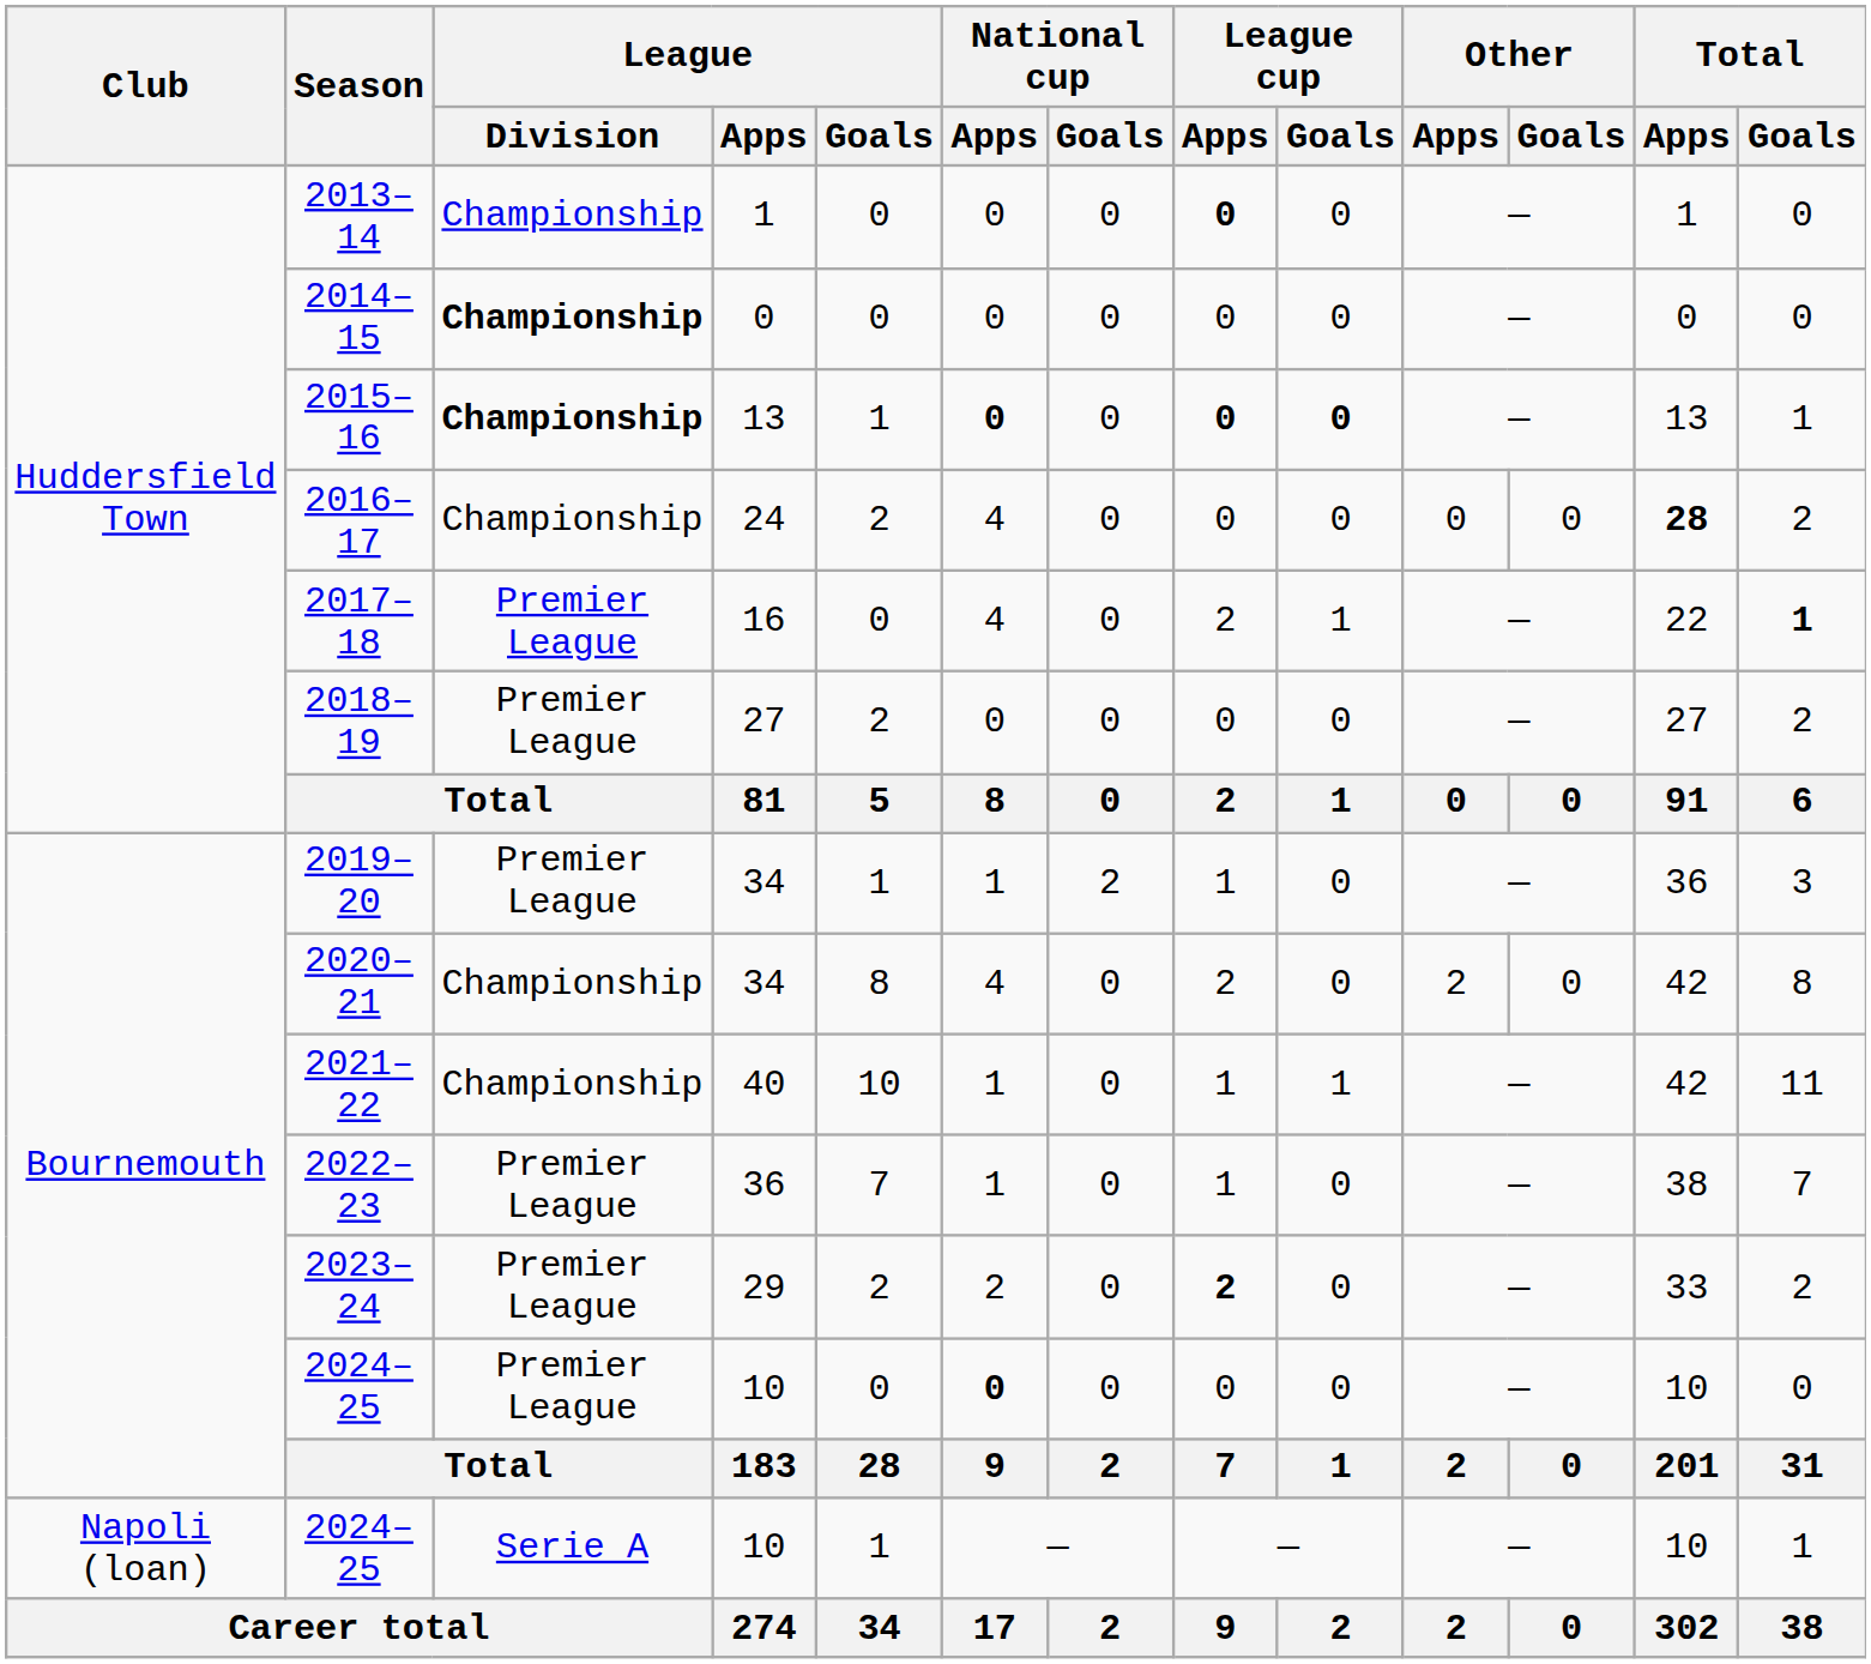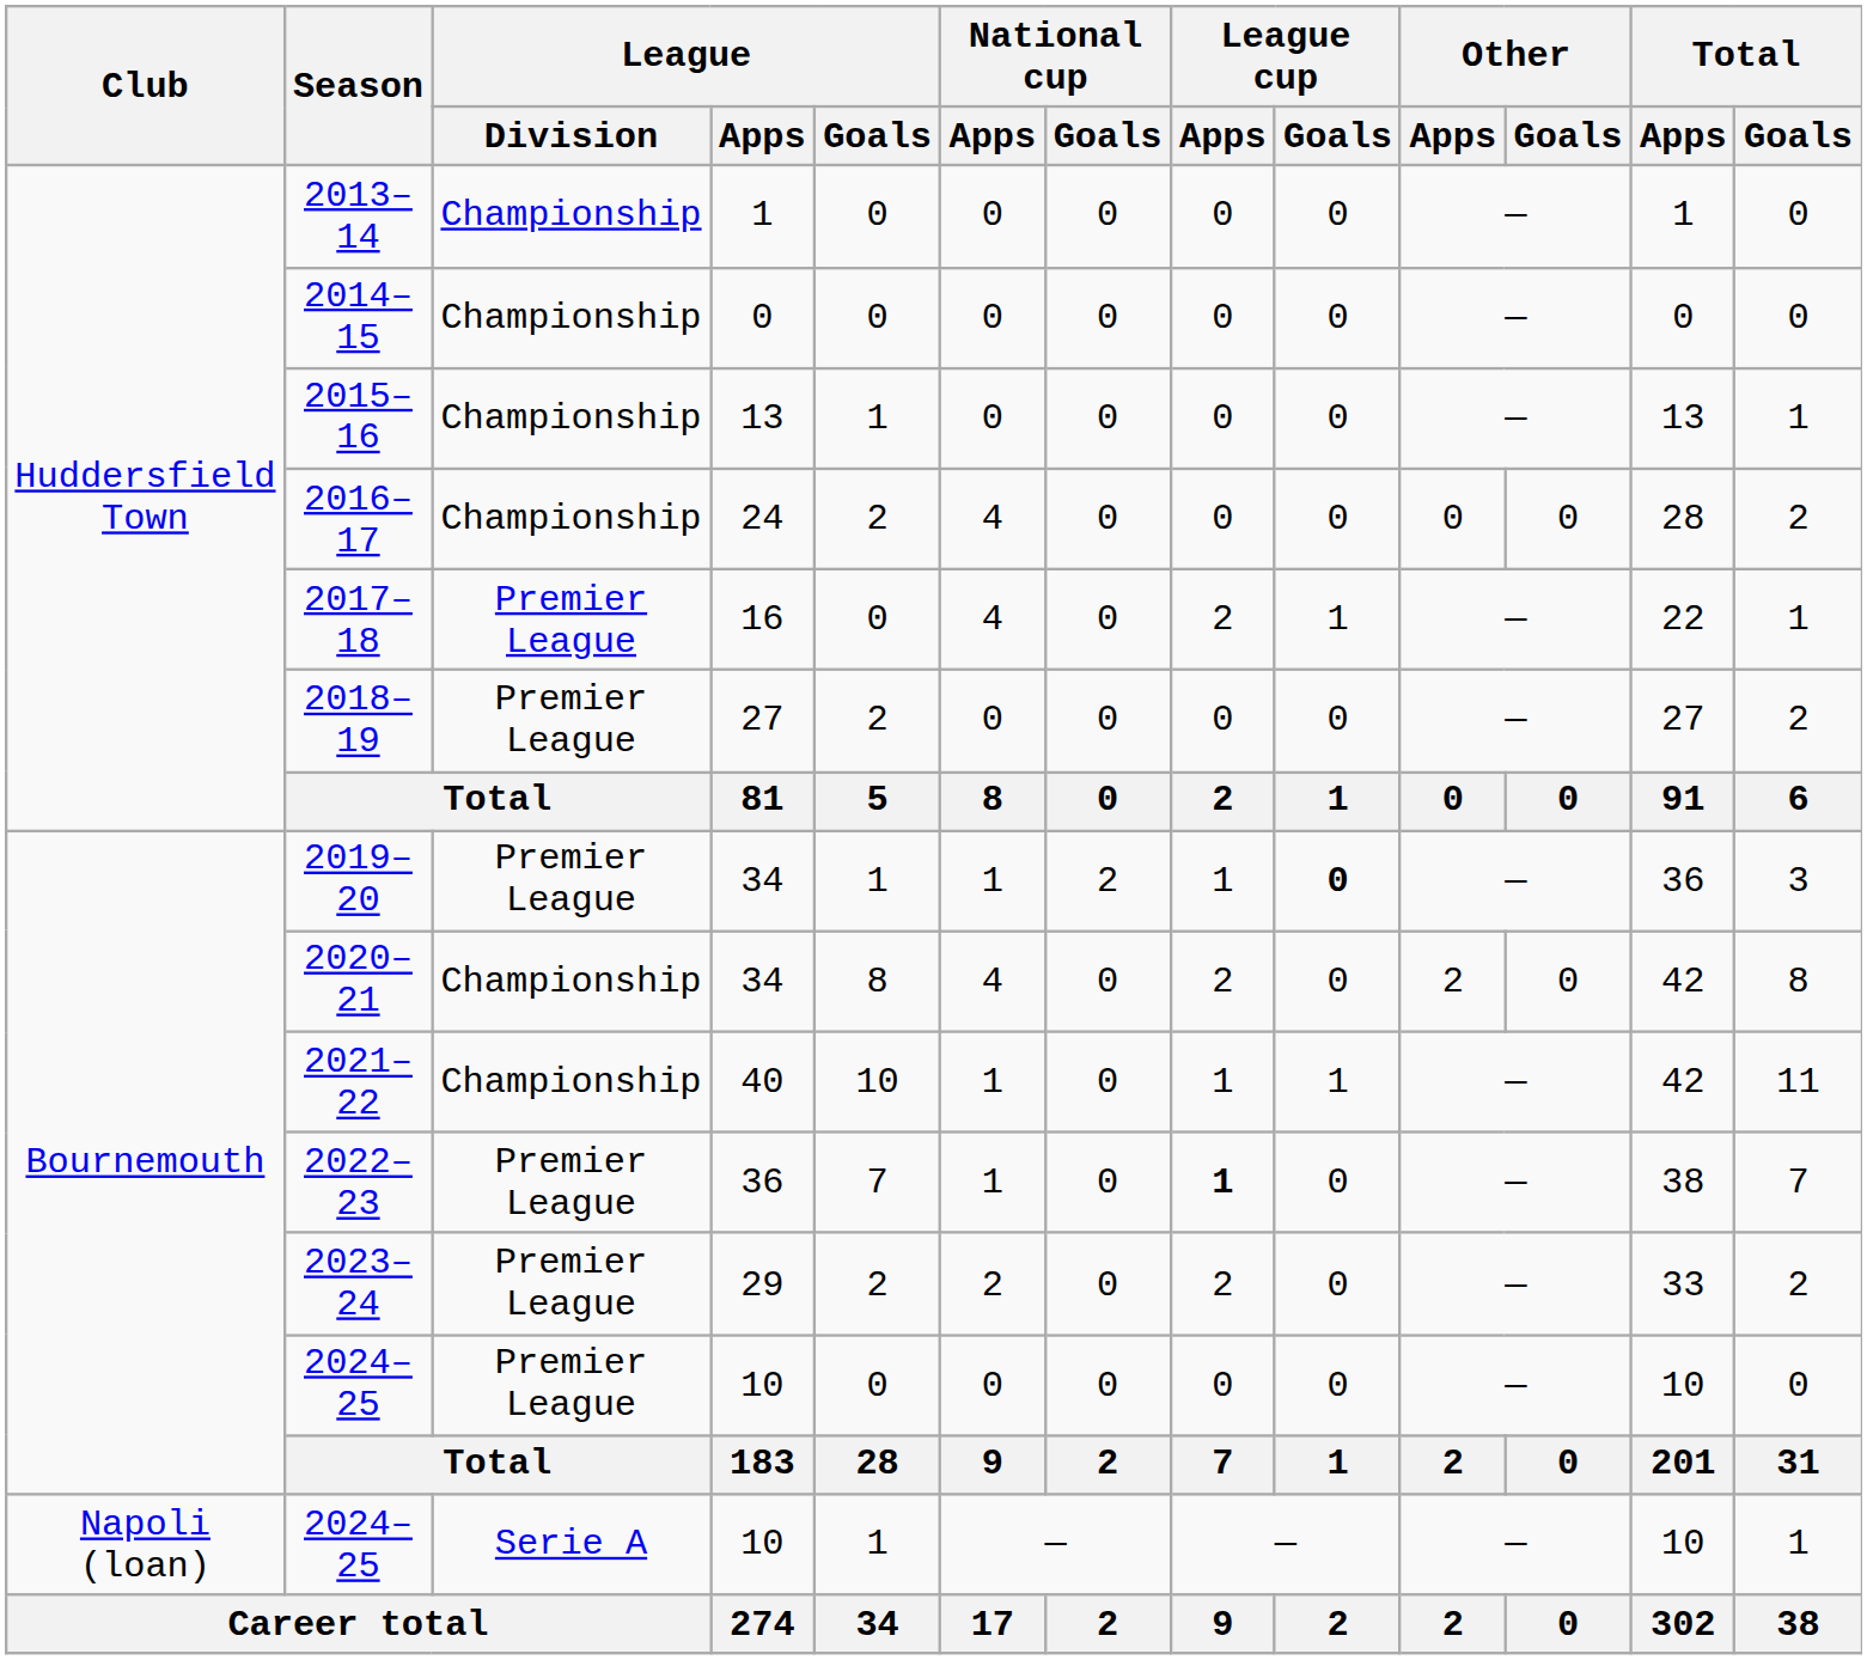 <table class=wikitable style=text-align:center>
 <tr>
 <th rowspan=2>Club</th>
 <th rowspan=2>Season</th>
 <th colspan=3>League</th>
 <th colspan=2>National cup</th>
 <th colspan=2>League cup</th>
 <th colspan=2>Other</th>
 <th colspan=2>Total</th>
 </tr>
 <tr>
 <th>Division</th>
 <th>Apps</th>
 <th>Goals</th>
 <th>Apps</th>
 <th>Goals</th>
 <th>Apps</th>
 <th>Goals</th>
 <th>Apps</th>
 <th>Goals</th>
 <th>Apps</th>
 <th>Goals</th>
 </tr>
 <tr>
 <td rowspan=7><a href='#'>Huddersfield Town</a></td>
 <td><a href='#'>2013–14</a></td>
 <td><a href='#'>Championship</a></td>
 <td>1</td>
 <td>0</td>
 <td>0</td>
 <td>0</td>
-<td><strong>0</strong></td>
+<td>0</td>
 <td>0</td>
 <td colspan=2>—</td>
 <td>1</td>
 <td>0</td>
 </tr>
 <tr>
 <td><a href='#'>2014–15</a></td>
-<td><strong>Championship</strong></td>
+<td>Championship</td>
 <td>0</td>
 <td>0</td>
 <td>0</td>
 <td>0</td>
 <td>0</td>
 <td>0</td>
 <td colspan=2>—</td>
 <td>0</td>
 <td>0</td>
 </tr>
 <tr>
 <td><a href='#'>2015–16</a></td>
-<td><strong>Championship</strong></td>
+<td>Championship</td>
 <td>13</td>
 <td>1</td>
-<td><strong>0</strong></td>
 <td>0</td>
-<td><strong>0</strong></td>
-<td><strong>0</strong></td>
+<td>0</td>
+<td>0</td>
+<td>0</td>
 <td colspan=2>—</td>
 <td>13</td>
 <td>1</td>
 </tr>
 <tr>
 <td><a href='#'>2016–17</a></td>
 <td>Championship</td>
 <td>24</td>
 <td>2</td>
 <td>4</td>
 <td>0</td>
 <td>0</td>
 <td>0</td>
 <td>0</td>
 <td>0</td>
-<td><strong>28</strong></td>
+<td>28</td>
 <td>2</td>
 </tr>
 <tr>
 <td><a href='#'>2017–18</a></td>
 <td><a href='#'>Premier League</a></td>
 <td>16</td>
 <td>0</td>
 <td>4</td>
 <td>0</td>
 <td>2</td>
 <td>1</td>
 <td colspan=2>—</td>
 <td>22</td>
-<td><strong>1</strong></td>
+<td>1</td>
 </tr>
 <tr>
 <td><a href='#'>2018–19</a></td>
 <td>Premier League</td>
 <td>27</td>
 <td>2</td>
 <td>0</td>
 <td>0</td>
 <td>0</td>
 <td>0</td>
 <td colspan=2>—</td>
 <td>27</td>
 <td>2</td>
 </tr>
 <tr>
 <th colspan="2">Total</th>
 <th>81</th>
 <th>5</th>
 <th>8</th>
 <th>0</th>
 <th>2</th>
 <th>1</th>
 <th>0</th>
 <th>0</th>
 <th>91</th>
 <th>6</th>
 </tr>
 <tr>
 <td rowspan="7"><a href='#'>Bournemouth</a></td>
 <td><a href='#'>2019–20</a></td>
 <td>Premier League</td>
 <td>34</td>
 <td>1</td>
 <td>1</td>
 <td>2</td>
 <td>1</td>
-<td>0</td>
+<td><strong>0</strong></td>
 <td colspan=2>—</td>
 <td>36</td>
 <td>3</td>
 </tr>
 <tr>
 <td><a href='#'>2020–21</a></td>
 <td>Championship</td>
 <td>34</td>
 <td>8</td>
 <td>4</td>
 <td>0</td>
 <td>2</td>
 <td>0</td>
 <td>2</td>
 <td>0</td>
 <td>42</td>
 <td>8</td>
 </tr>
 <tr>
 <td><a href='#'>2021–22</a></td>
 <td>Championship</td>
 <td>40</td>
 <td>10</td>
 <td>1</td>
 <td>0</td>
 <td>1</td>
 <td>1</td>
 <td colspan=2>—</td>
 <td>42</td>
 <td>11</td>
 </tr>
 <tr>
 <td><a href='#'>2022–23</a></td>
 <td>Premier League</td>
 <td>36</td>
 <td>7</td>
 <td>1</td>
 <td>0</td>
-<td>1</td>
+<td><strong>1</strong></td>
 <td>0</td>
 <td colspan=2>—</td>
 <td>38</td>
 <td>7</td>
 </tr>
 <tr>
 <td><a href='#'>2023–24</a></td>
 <td>Premier League</td>
 <td>29</td>
 <td>2</td>
 <td>2</td>
 <td>0</td>
-<td><strong>2</strong></td>
+<td>2</td>
 <td>0</td>
 <td colspan=2>—</td>
 <td>33</td>
 <td>2</td>
 </tr>
 <tr>
 <td><a href='#'>2024–25</a></td>
 <td>Premier League</td>
 <td>10</td>
 <td>0</td>
-<td><strong>0</strong></td>
+<td>0</td>
 <td>0</td>
 <td>0</td>
 <td>0</td>
 <td colspan=2>—</td>
 <td>10</td>
 <td>0</td>
 </tr>
 <tr>
 <th colspan=2>Total</th>
 <th>183</th>
 <th>28</th>
 <th>9</th>
 <th>2</th>
 <th>7</th>
 <th>1</th>
 <th>2</th>
 <th>0</th>
 <th>201</th>
 <th>31</th>
 </tr>
 <tr>
 <td><a href='#'>Napoli</a> (loan)</td>
 <td><a href='#'>2024–25</a></td>
 <td><a href='#'>Serie A</a></td>
 <td>10</td>
 <td>1</td>
 <td colspan=2>—</td>
 <td colspan=2>—</td>
 <td colspan=2>—</td>
 <td>10</td>
 <td>1</td>
 </tr>
 <tr>
 <th colspan=3>Career total</th>
 <th>274</th>
 <th>34</th>
 <th>17</th>
 <th>2</th>
 <th>9</th>
 <th>2</th>
 <th>2</th>
 <th>0</th>
 <th>302</th>
 <th>38</th>
 </tr>
 </table>
